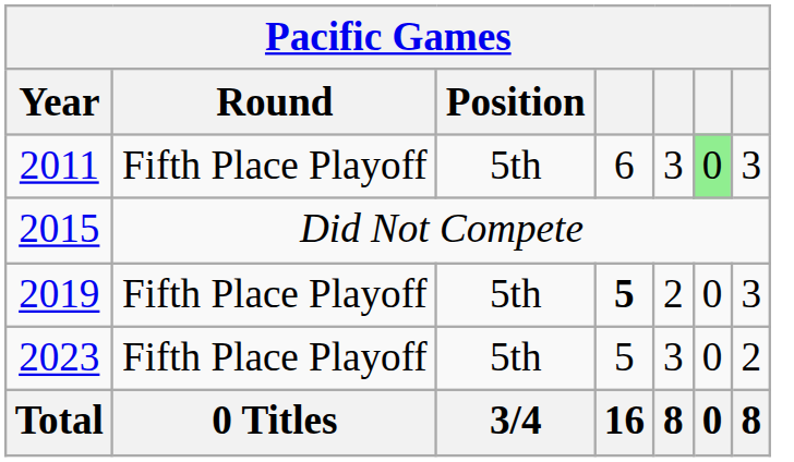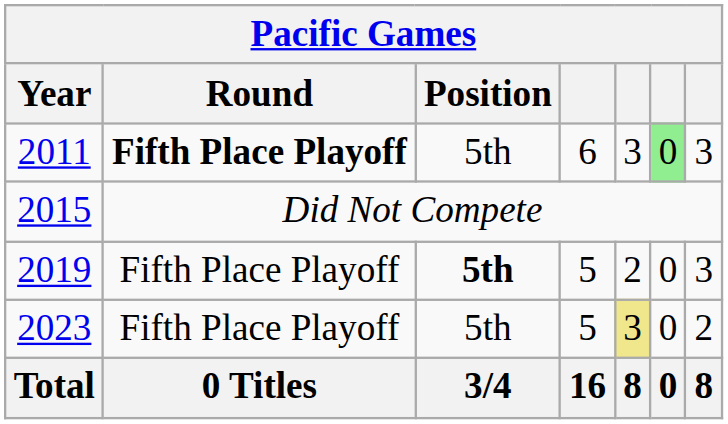 <table class="wikitable" style="text-align: center;">
 <tr>
 <th colspan=7><a href='#'>Pacific Games</a></th>
 </tr>
 <tr>
 <th>Year</th>
 <th>Round</th>
 <th>Position</th>
 <th></th>
 <th></th>
 <th></th>
 <th></th>
 </tr>
 <tr>
 <td> <a href='#'>2011</a></td>
-<td>Fifth Place Playoff</td>
+<td><strong>Fifth Place Playoff</strong></td>
 <td>5th</td>
 <td>6</td>
 <td>3</td>
 <td style="background: lightgreen;">0</td>
 <td>3</td>
 </tr>
 <tr>
 <td> <a href='#'>2015</a></td>
 <td colspan="6" rowspan=1><em>Did Not Compete</em></td>
 </tr>
 <tr>
 <td> <a href='#'>2019</a></td>
 <td>Fifth Place Playoff</td>
-<td>5th</td>
-<td><strong>5</strong></td>
+<td><strong>5th</strong></td>
+<td>5</td>
 <td>2</td>
 <td>0</td>
 <td>3</td>
 </tr>
 <tr>
 <td> <a href='#'>2023</a></td>
 <td>Fifth Place Playoff</td>
 <td>5th</td>
 <td>5</td>
-<td>3</td>
+<td style="background: khaki;">3</td>
 <td>0</td>
 <td>2</td>
 </tr>
 <tr>
 <th>Total</th>
 <th>0 Titles</th>
 <th>3/4</th>
 <th>16</th>
 <th>8</th>
 <th>0</th>
 <th>8</th>
 </tr>
 </table>
